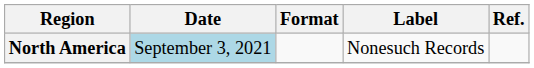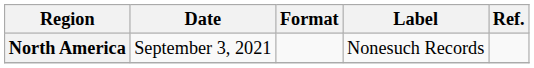 <table class="wikitable plainrowheaders">
 <tr>
 <th scope="col">Region</th>
 <th scope="col">Date</th>
 <th scope="col">Format</th>
 <th scope="col">Label</th>
 <th scope="col">Ref.</th>
 </tr>
 <tr>
 <th scope="row">North America</th>
-<td style="background: lightblue;">September 3, 2021</td>
+<td>September 3, 2021</td>
 <td></td>
 <td>Nonesuch Records</td>
 <td></td>
 </tr>
 <tr>
 </tr>
 </table>
